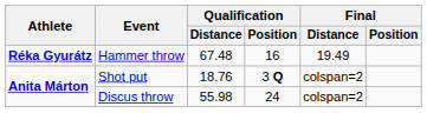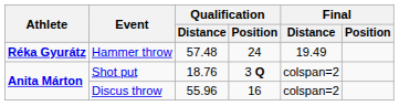 <table class=wikitable style="font-size:90%">
 <tr>
 <th rowspan="2">Athlete</th>
 <th rowspan="2">Event</th>
 <th colspan="2">Qualification</th>
 <th colspan="2">Final</th>
 </tr>
 <tr style="font-size:95%">
 <th>Distance</th>
 <th>Position</th>
 <th>Distance</th>
 <th>Position</th>
 </tr>
 <tr style=text-align:center>
 <td style=text-align:left><strong><a href='#'>Réka Gyurátz</a></strong></td>
 <td style=text-align:left><a href='#'>Hammer throw</a></td>
-<td>67.48</td>
-<td>16</td>
+<td>57.48</td>
+<td>24</td>
 <td>19.49</td>
 </tr>
 <tr style=text-align:center>
 <td style=text-align:left rowspan="2"><strong><a href='#'>Anita Márton</a></strong></td>
 <td style=text-align:left><a href='#'>Shot put</a></td>
 <td>18.76</td>
 <td>3 <strong>Q</strong></td>
 <td>colspan=2 </td>
 <td></td>
 </tr>
 <tr style=text-align:center>
 <td style=text-align:left><a href='#'>Discus throw</a></td>
-<td>55.98</td>
-<td>24</td>
+<td>55.96</td>
+<td>16</td>
 <td>colspan=2 </td>
 </tr>
 </table>
